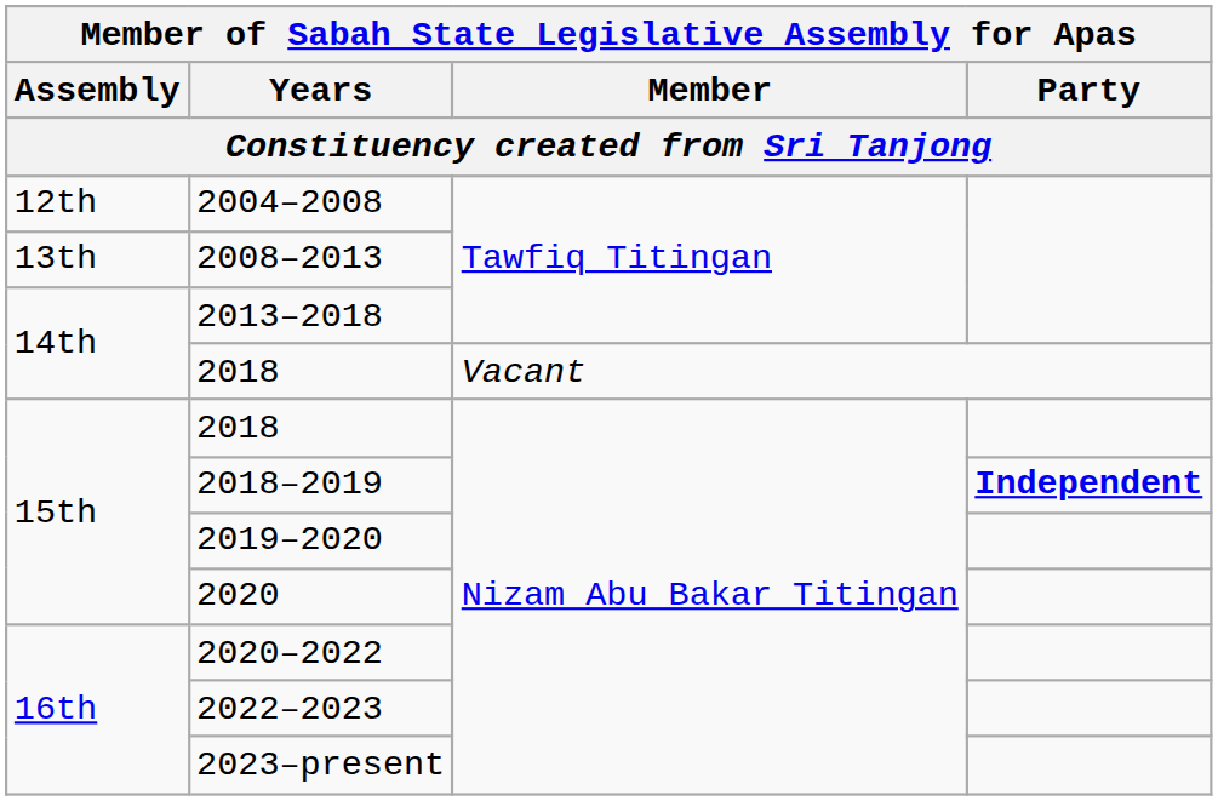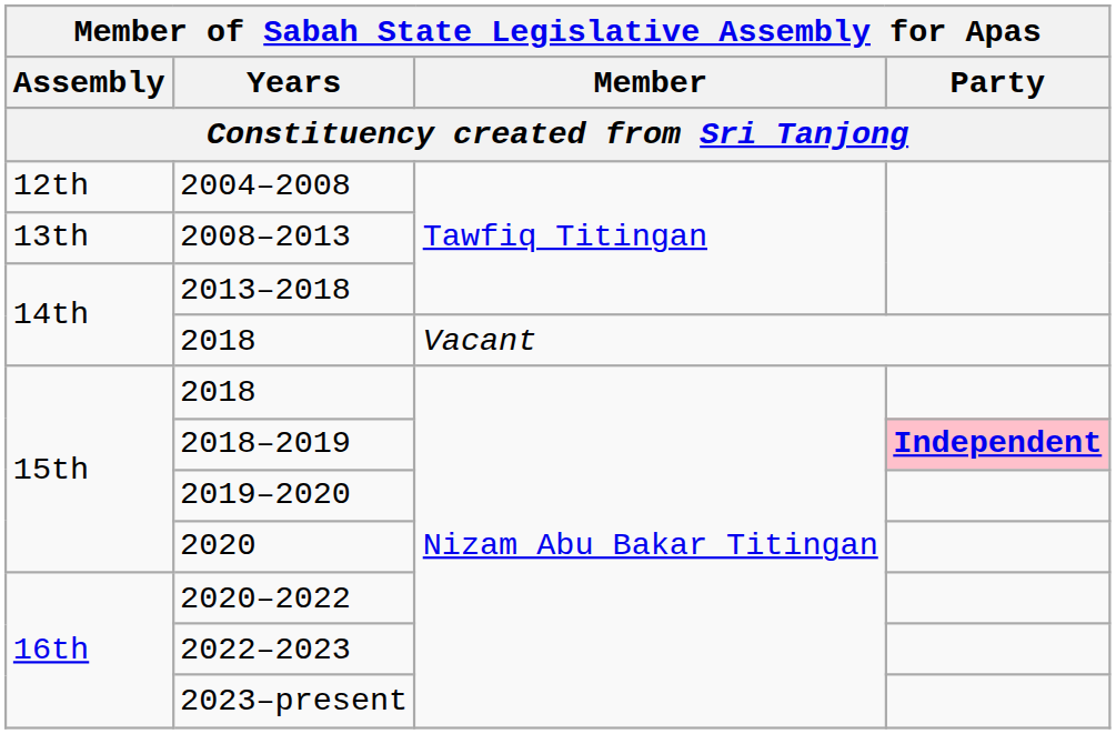 <table class="wikitable">
 <tr>
 <th colspan="4">Member of <a href='#'>Sabah State Legislative Assembly</a> for Apas</th>
 </tr>
 <tr>
 <th>Assembly</th>
 <th>Years</th>
 <th>Member</th>
 <th>Party</th>
 </tr>
 <tr>
 <th colspan="4" align="center"><em>Constituency created from <a href='#'>Sri Tanjong</a></em></th>
 </tr>
 <tr>
 <td>12th</td>
 <td>2004–2008</td>
 <td rowspan="3"><a href='#'>Tawfiq Titingan</a></td>
 <td rowspan="3"></td>
 </tr>
 <tr>
 <td>13th</td>
 <td>2008–2013</td>
 </tr>
 <tr>
 <td rowspan="2">14th</td>
 <td>2013–2018</td>
 </tr>
 <tr>
 <td>2018</td>
 <td colspan="2"><em>Vacant</em></td>
 </tr>
 <tr>
 <td rowspan="4">15th</td>
 <td>2018</td>
 <td rowspan="7"><a href='#'>Nizam Abu Bakar Titingan</a></td>
 <td></td>
 </tr>
 <tr>
 <td>2018–2019</td>
-<td><strong><a href='#'>Independent</a> </strong></td>
+<td style="background: pink;"><strong><a href='#'>Independent</a> </strong></td>
 </tr>
 <tr>
 <td>2019–2020</td>
 <td></td>
 </tr>
 <tr>
 <td>2020</td>
 <td></td>
 </tr>
 <tr>
 <td rowspan="3"><a href='#'>16th</a></td>
 <td>2020–2022</td>
 <td></td>
 </tr>
 <tr>
 <td>2022–2023</td>
 <td></td>
 </tr>
 <tr>
 <td>2023–present</td>
 <td></td>
 </tr>
 </table>
